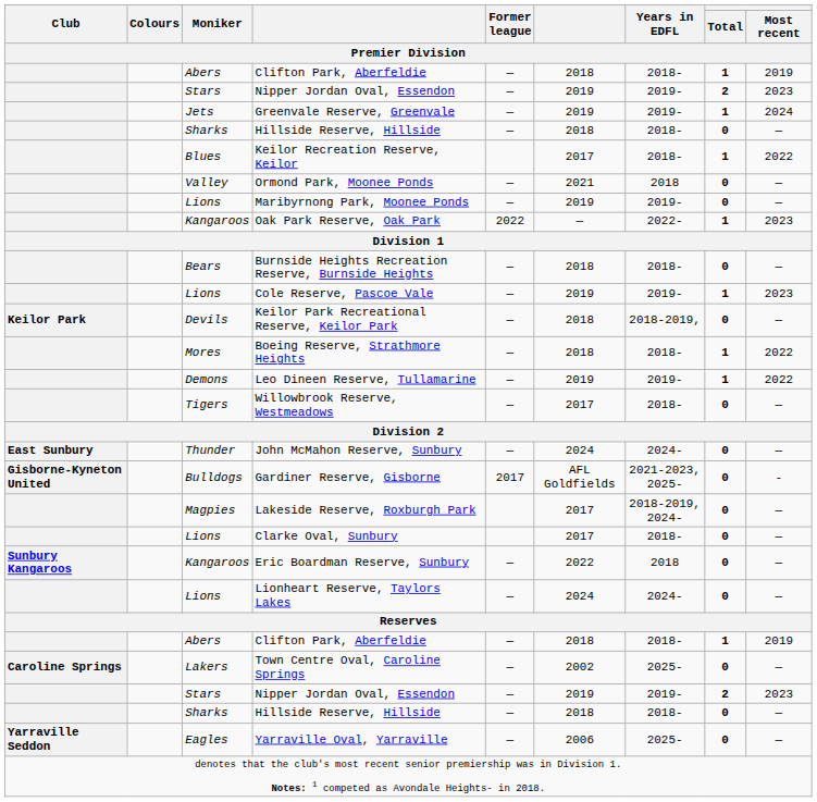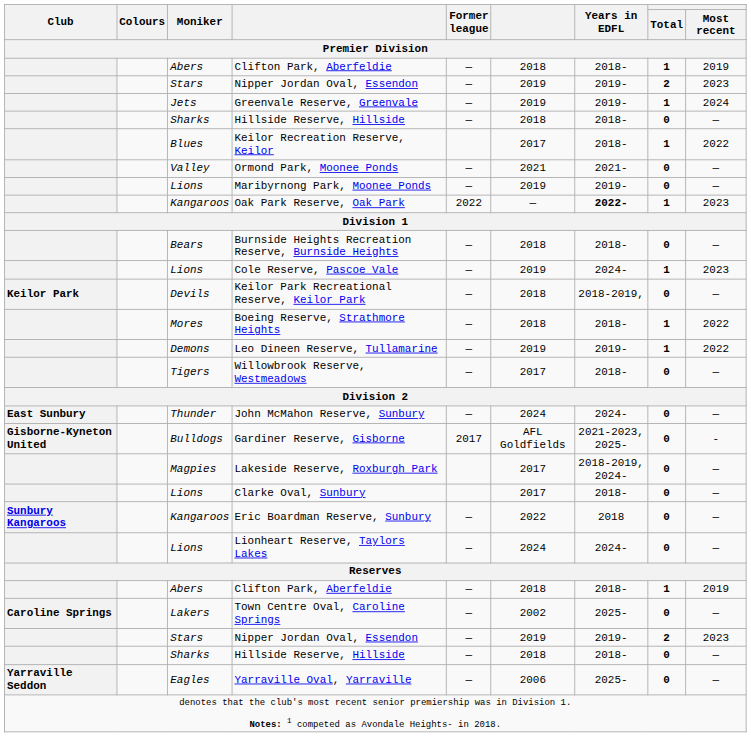 <table class="wikitable" style="text-align:center; width:100%">
 <tr>
 <th rowspan="2">Club</th>
 <th rowspan="2">Colours</th>
 <th rowspan="2">Moniker</th>
 <th rowspan="2"></th>
 <th rowspan="2">Former<br>league</th>
 <th rowspan="2"></th>
 <th rowspan="2">Years in EDFL</th>
 <th colspan="2"></th>
 </tr>
 <tr>
 <th>Total</th>
 <th>Most recent</th>
 </tr>
 <tr>
 <th colspan="9">Premier Division</th>
 </tr>
 <tr>
 <th style="text-align:left"></th>
 <td></td>
 <td style="text-align:left"><em>Abers</em></td>
 <td style="text-align:left">Clifton Park, <a href='#'>Aberfeldie</a></td>
 <td>—</td>
 <td>2018</td>
 <td>2018-</td>
 <td><strong>1</strong></td>
 <td>2019</td>
 </tr>
 <tr>
 <th style="text-align:left"></th>
 <td></td>
 <td style="text-align:left"><em>Stars</em></td>
 <td style="text-align:left">Nipper Jordan Oval, <a href='#'>Essendon</a></td>
 <td>—</td>
 <td>2019</td>
 <td>2019-</td>
 <td><strong>2</strong></td>
 <td>2023</td>
 </tr>
 <tr>
 <th style="text-align:left"></th>
 <td></td>
 <td style="text-align:left"><em>Jets</em></td>
 <td style="text-align:left">Greenvale Reserve, <a href='#'>Greenvale</a></td>
 <td>—</td>
 <td>2019</td>
 <td>2019-</td>
 <td><strong>1</strong></td>
 <td>2024</td>
 </tr>
 <tr>
 <th style="text-align:left"></th>
 <td></td>
 <td style="text-align:left"><em>Sharks</em></td>
 <td style="text-align:left">Hillside Reserve, <a href='#'>Hillside</a></td>
 <td>—</td>
 <td>2018</td>
 <td>2018-</td>
 <td><strong>0</strong></td>
 <td>—</td>
 </tr>
 <tr>
 <th style="text-align:left"></th>
 <td></td>
 <td style="text-align:left"><em>Blues</em></td>
 <td style="text-align:left">Keilor Recreation Reserve, <a href='#'>Keilor</a></td>
 <td></td>
 <td>2017</td>
 <td>2018-</td>
 <td><strong>1</strong></td>
 <td>2022</td>
 </tr>
 <tr>
 <th style="text-align:left"></th>
 <td></td>
 <td style="text-align:left"><em>Valley</em></td>
 <td style="text-align:left">Ormond Park, <a href='#'>Moonee Ponds</a></td>
 <td>—</td>
 <td>2021</td>
-<td>2018</td>
+<td>2021-</td>
 <td><strong>0</strong></td>
 <td>—</td>
 </tr>
 <tr>
 <th style="text-align:left"></th>
 <td></td>
 <td style="text-align:left"><em>Lions</em></td>
 <td style="text-align:left">Maribyrnong Park, <a href='#'>Moonee Ponds</a></td>
 <td>—</td>
 <td>2019</td>
 <td>2019-</td>
 <td><strong>0</strong></td>
 <td>—</td>
 </tr>
 <tr>
 <th style="text-align:left"></th>
 <td></td>
 <td style="text-align:left"><em>Kangaroos</em></td>
 <td style="text-align:left">Oak Park Reserve, <a href='#'>Oak Park</a></td>
 <td>2022</td>
 <td>—</td>
-<td>2022-</td>
+<td><strong>2022-</strong></td>
 <td><strong>1</strong></td>
 <td>2023</td>
 </tr>
 <tr>
 <th colspan="9">Division 1</th>
 </tr>
 <tr>
 <th style="text-align:left"></th>
 <td></td>
 <td style="text-align:left"><em>Bears</em></td>
 <td style="text-align:left">Burnside Heights Recreation Reserve, <a href='#'>Burnside Heights</a></td>
 <td>—</td>
 <td>2018</td>
 <td>2018-</td>
 <td><strong>0</strong></td>
 <td>—</td>
 </tr>
 <tr>
 <th style="text-align:left"></th>
 <td></td>
 <td style="text-align:left"><em>Lions</em></td>
 <td style="text-align:left">Cole Reserve, <a href='#'>Pascoe Vale</a></td>
 <td>—</td>
 <td>2019</td>
-<td>2019-</td>
+<td>2024-</td>
 <td><strong>1</strong></td>
 <td>2023</td>
 </tr>
 <tr>
 <th style="text-align:left">Keilor Park</th>
 <td></td>
 <td style="text-align:left"><em>Devils</em></td>
 <td style="text-align:left">Keilor Park Recreational Reserve, <a href='#'>Keilor Park</a></td>
 <td>—</td>
 <td>2018</td>
 <td>2018-2019,</td>
 <td><strong>0</strong></td>
 <td>—</td>
 </tr>
 <tr>
 <th style="text-align:left"></th>
 <td></td>
 <td style="text-align:left"><em>Mores</em></td>
 <td style="text-align:left">Boeing Reserve, <a href='#'>Strathmore Heights</a></td>
 <td>—</td>
 <td>2018</td>
 <td>2018-</td>
 <td><strong>1</strong></td>
 <td>2022</td>
 </tr>
 <tr>
 <th style="text-align:left"></th>
 <td></td>
 <td style="text-align:left"><em>Demons</em></td>
 <td style="text-align:left">Leo Dineen Reserve, <a href='#'>Tullamarine</a></td>
 <td>—</td>
 <td>2019</td>
 <td>2019-</td>
 <td><strong>1</strong></td>
 <td>2022</td>
 </tr>
 <tr>
 <th style="text-align:left"></th>
 <td></td>
 <td style="text-align:left"><em>Tigers</em></td>
 <td style="text-align:left">Willowbrook Reserve, <a href='#'>Westmeadows</a></td>
 <td>—</td>
 <td>2017</td>
 <td>2018-</td>
 <td><strong>0</strong></td>
 <td>—</td>
 </tr>
 <tr>
 <th colspan="9">Division 2</th>
 </tr>
 <tr>
 <th style="text-align:left">East Sunbury</th>
 <td></td>
 <td style="text-align:left"><em>Thunder</em></td>
 <td style="text-align:left">John McMahon Reserve, <a href='#'>Sunbury</a></td>
 <td>—</td>
 <td>2024</td>
 <td>2024-</td>
 <td><strong>0</strong></td>
 <td>—</td>
 </tr>
 <tr>
 <th style="text-align:left">Gisborne-Kyneton United</th>
 <td></td>
 <td align="left"><em>Bulldogs</em></td>
 <td align="left">Gardiner Reserve, <a href='#'>Gisborne</a></td>
 <td>2017</td>
 <td align="center">AFL Goldfields</td>
 <td>2021-2023, 2025-</td>
 <td><strong>0</strong></td>
 <td>-</td>
 </tr>
 <tr>
 <th style="text-align:left"></th>
 <td></td>
 <td style="text-align:left"><em>Magpies</em></td>
 <td style="text-align:left">Lakeside Reserve, <a href='#'>Roxburgh Park</a></td>
 <td></td>
 <td>2017</td>
 <td>2018-2019, 2024-</td>
 <td><strong>0</strong></td>
 <td>—</td>
 </tr>
 <tr>
 <th style="text-align:left"></th>
 <td></td>
 <td style="text-align:left"><em>Lions</em></td>
 <td style="text-align:left">Clarke Oval, <a href='#'>Sunbury</a></td>
 <td></td>
 <td>2017</td>
 <td>2018-</td>
 <td><strong>0</strong></td>
 <td>—</td>
 </tr>
 <tr>
 <th style="text-align:left"><a href='#'>Sunbury Kangaroos</a></th>
 <td></td>
 <td style="text-align:left"><em>Kangaroos</em></td>
 <td style="text-align:left">Eric Boardman Reserve, <a href='#'>Sunbury</a></td>
 <td>—</td>
 <td>2022</td>
 <td>2018</td>
 <td><strong>0</strong></td>
 <td>—</td>
 </tr>
 <tr>
 <th style="text-align:left"></th>
 <td></td>
 <td style="text-align:left"><em>Lions</em></td>
 <td style="text-align:left">Lionheart Reserve, <a href='#'>Taylors Lakes</a></td>
 <td>—</td>
 <td>2024</td>
 <td>2024-</td>
 <td><strong>0</strong></td>
 <td>—</td>
 </tr>
 <tr>
 <th colspan="9">Reserves</th>
 </tr>
 <tr>
 <th style="text-align:left"></th>
 <td></td>
 <td style="text-align:left"><em>Abers</em></td>
 <td style="text-align:left">Clifton Park, <a href='#'>Aberfeldie</a></td>
 <td>—</td>
 <td>2018</td>
 <td>2018-</td>
 <td><strong>1</strong></td>
 <td>2019</td>
 </tr>
 <tr>
 <th style="text-align:left">Caroline Springs</th>
 <td></td>
 <td style="text-align:left"><em>Lakers</em></td>
 <td style="text-align:left">Town Centre Oval, <a href='#'>Caroline Springs</a></td>
 <td>—</td>
 <td>2002</td>
 <td>2025-</td>
 <td><strong>0</strong></td>
 <td>—</td>
 </tr>
 <tr>
 <th style="text-align:left"></th>
 <td></td>
 <td style="text-align:left"><em>Stars</em></td>
 <td style="text-align:left">Nipper Jordan Oval, <a href='#'>Essendon</a></td>
 <td>—</td>
 <td>2019</td>
 <td>2019-</td>
 <td><strong>2</strong></td>
 <td>2023</td>
 </tr>
 <tr>
 <th style="text-align:left"></th>
 <td></td>
 <td style="text-align:left"><em>Sharks</em></td>
 <td style="text-align:left">Hillside Reserve, <a href='#'>Hillside</a></td>
 <td>—</td>
 <td>2018</td>
 <td>2018-</td>
 <td><strong>0</strong></td>
 <td>—</td>
 </tr>
 <tr>
 <th style="text-align:left">Yarraville Seddon</th>
 <td></td>
 <td style="text-align:left"><em>Eagles</em></td>
 <td style="text-align:left"><a href='#'>Yarraville Oval</a>, <a href='#'>Yarraville</a></td>
 <td>—</td>
 <td>2006</td>
 <td>2025-</td>
 <td><strong>0</strong></td>
 <td>—</td>
 </tr>
 <tr class="sortbottom">
 <td colspan="9" style="font-size:8pt; text-align:center">denotes that the club's most recent senior premiership was in Division 1.<br><br><strong>Notes:</strong> <sup>1</sup>  competed as Avondale Heights- in 2018.</td>
 </tr>
 </table>
